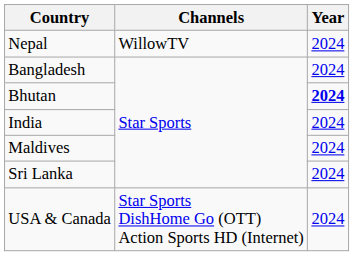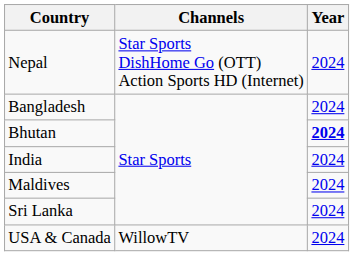 <table class="wikitable">
 <tr>
 <th>Country</th>
 <th>Channels</th>
 <th>Year</th>
 </tr>
 <tr>
 <td>Nepal</td>
-<td>WillowTV</td>
+<td><a href='#'>Star Sports</a> <br> <a href='#'>DishHome Go</a> (OTT) <br>Action Sports HD (Internet)</td>
 <td><a href='#'>2024</a></td>
 </tr>
 <tr>
 <td>Bangladesh</td>
 <td rowspan=5><a href='#'>Star Sports</a></td>
 <td><a href='#'>2024</a></td>
 </tr>
 <tr>
 <td>Bhutan</td>
 <td><strong><a href='#'>2024</a></strong></td>
 </tr>
 <tr>
 <td>India</td>
 <td><a href='#'>2024</a><br> </td>
 </tr>
 <tr>
 <td>Maldives</td>
 <td><a href='#'>2024</a></td>
 </tr>
 <tr>
 <td>Sri Lanka</td>
 <td><a href='#'>2024</a></td>
 </tr>
 <tr>
 <td>USA & Canada</td>
-<td><a href='#'>Star Sports</a> <br> <a href='#'>DishHome Go</a> (OTT) <br>Action Sports HD (Internet)</td>
+<td>WillowTV</td>
 <td><a href='#'>2024</a></td>
 </tr>
 </table>
